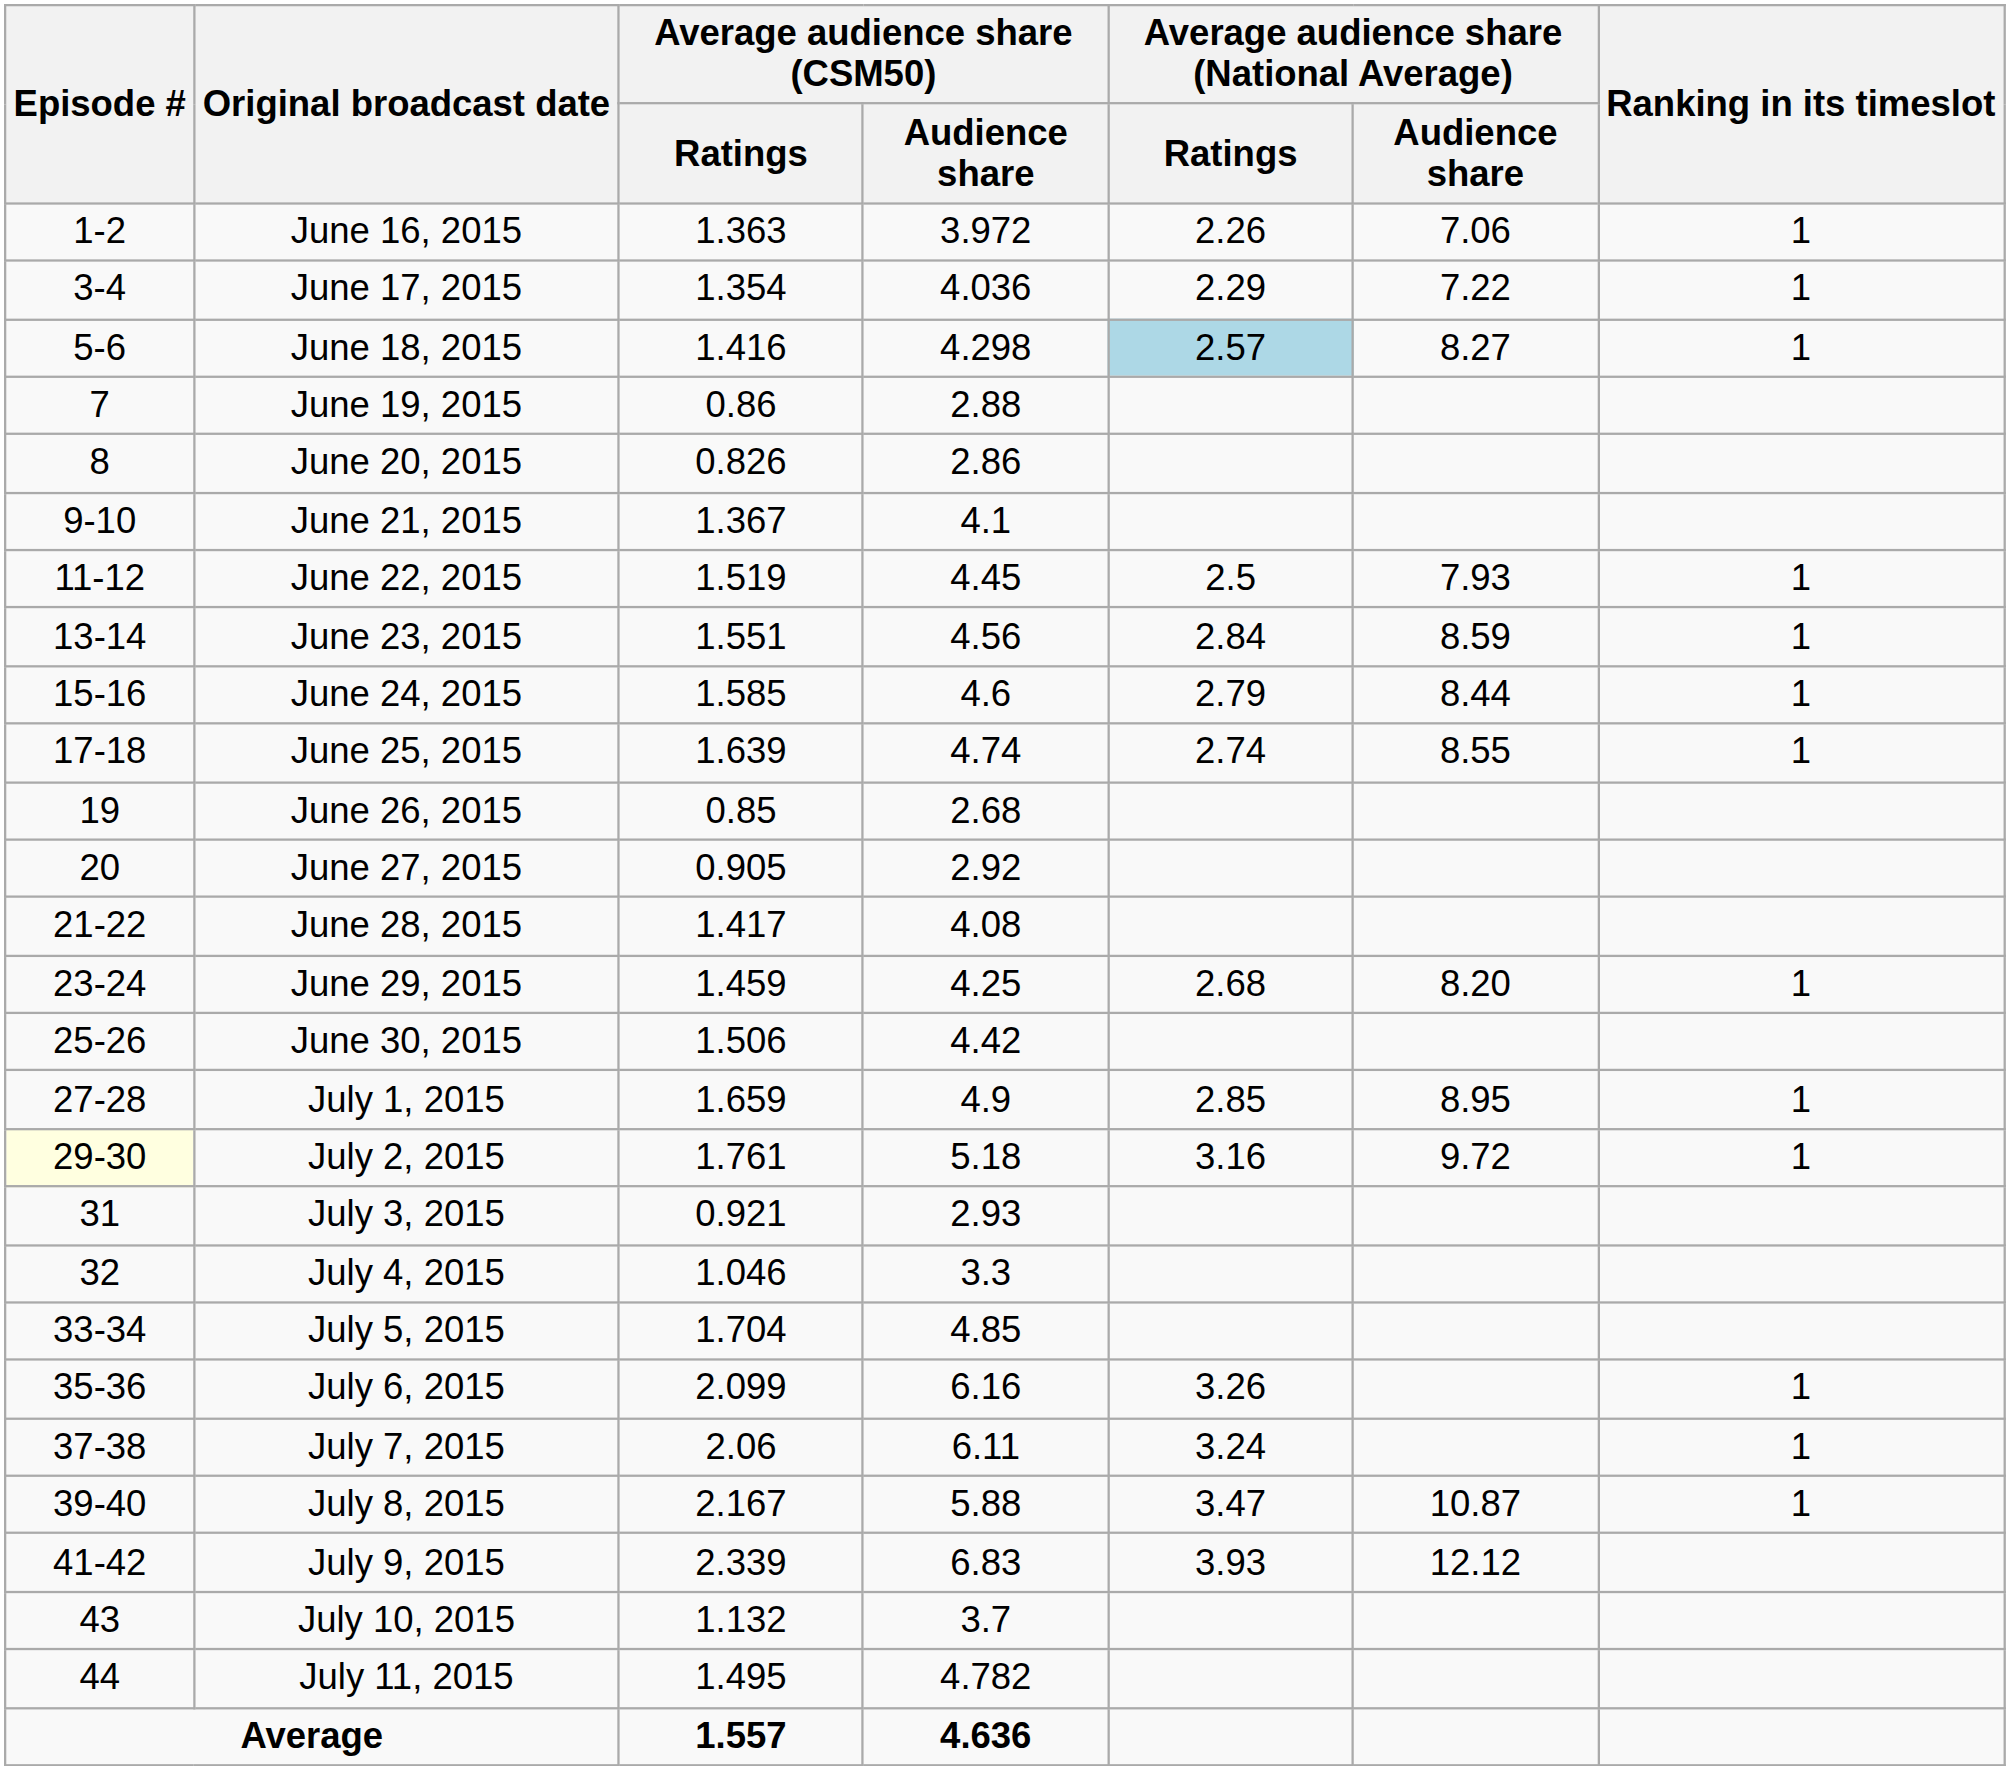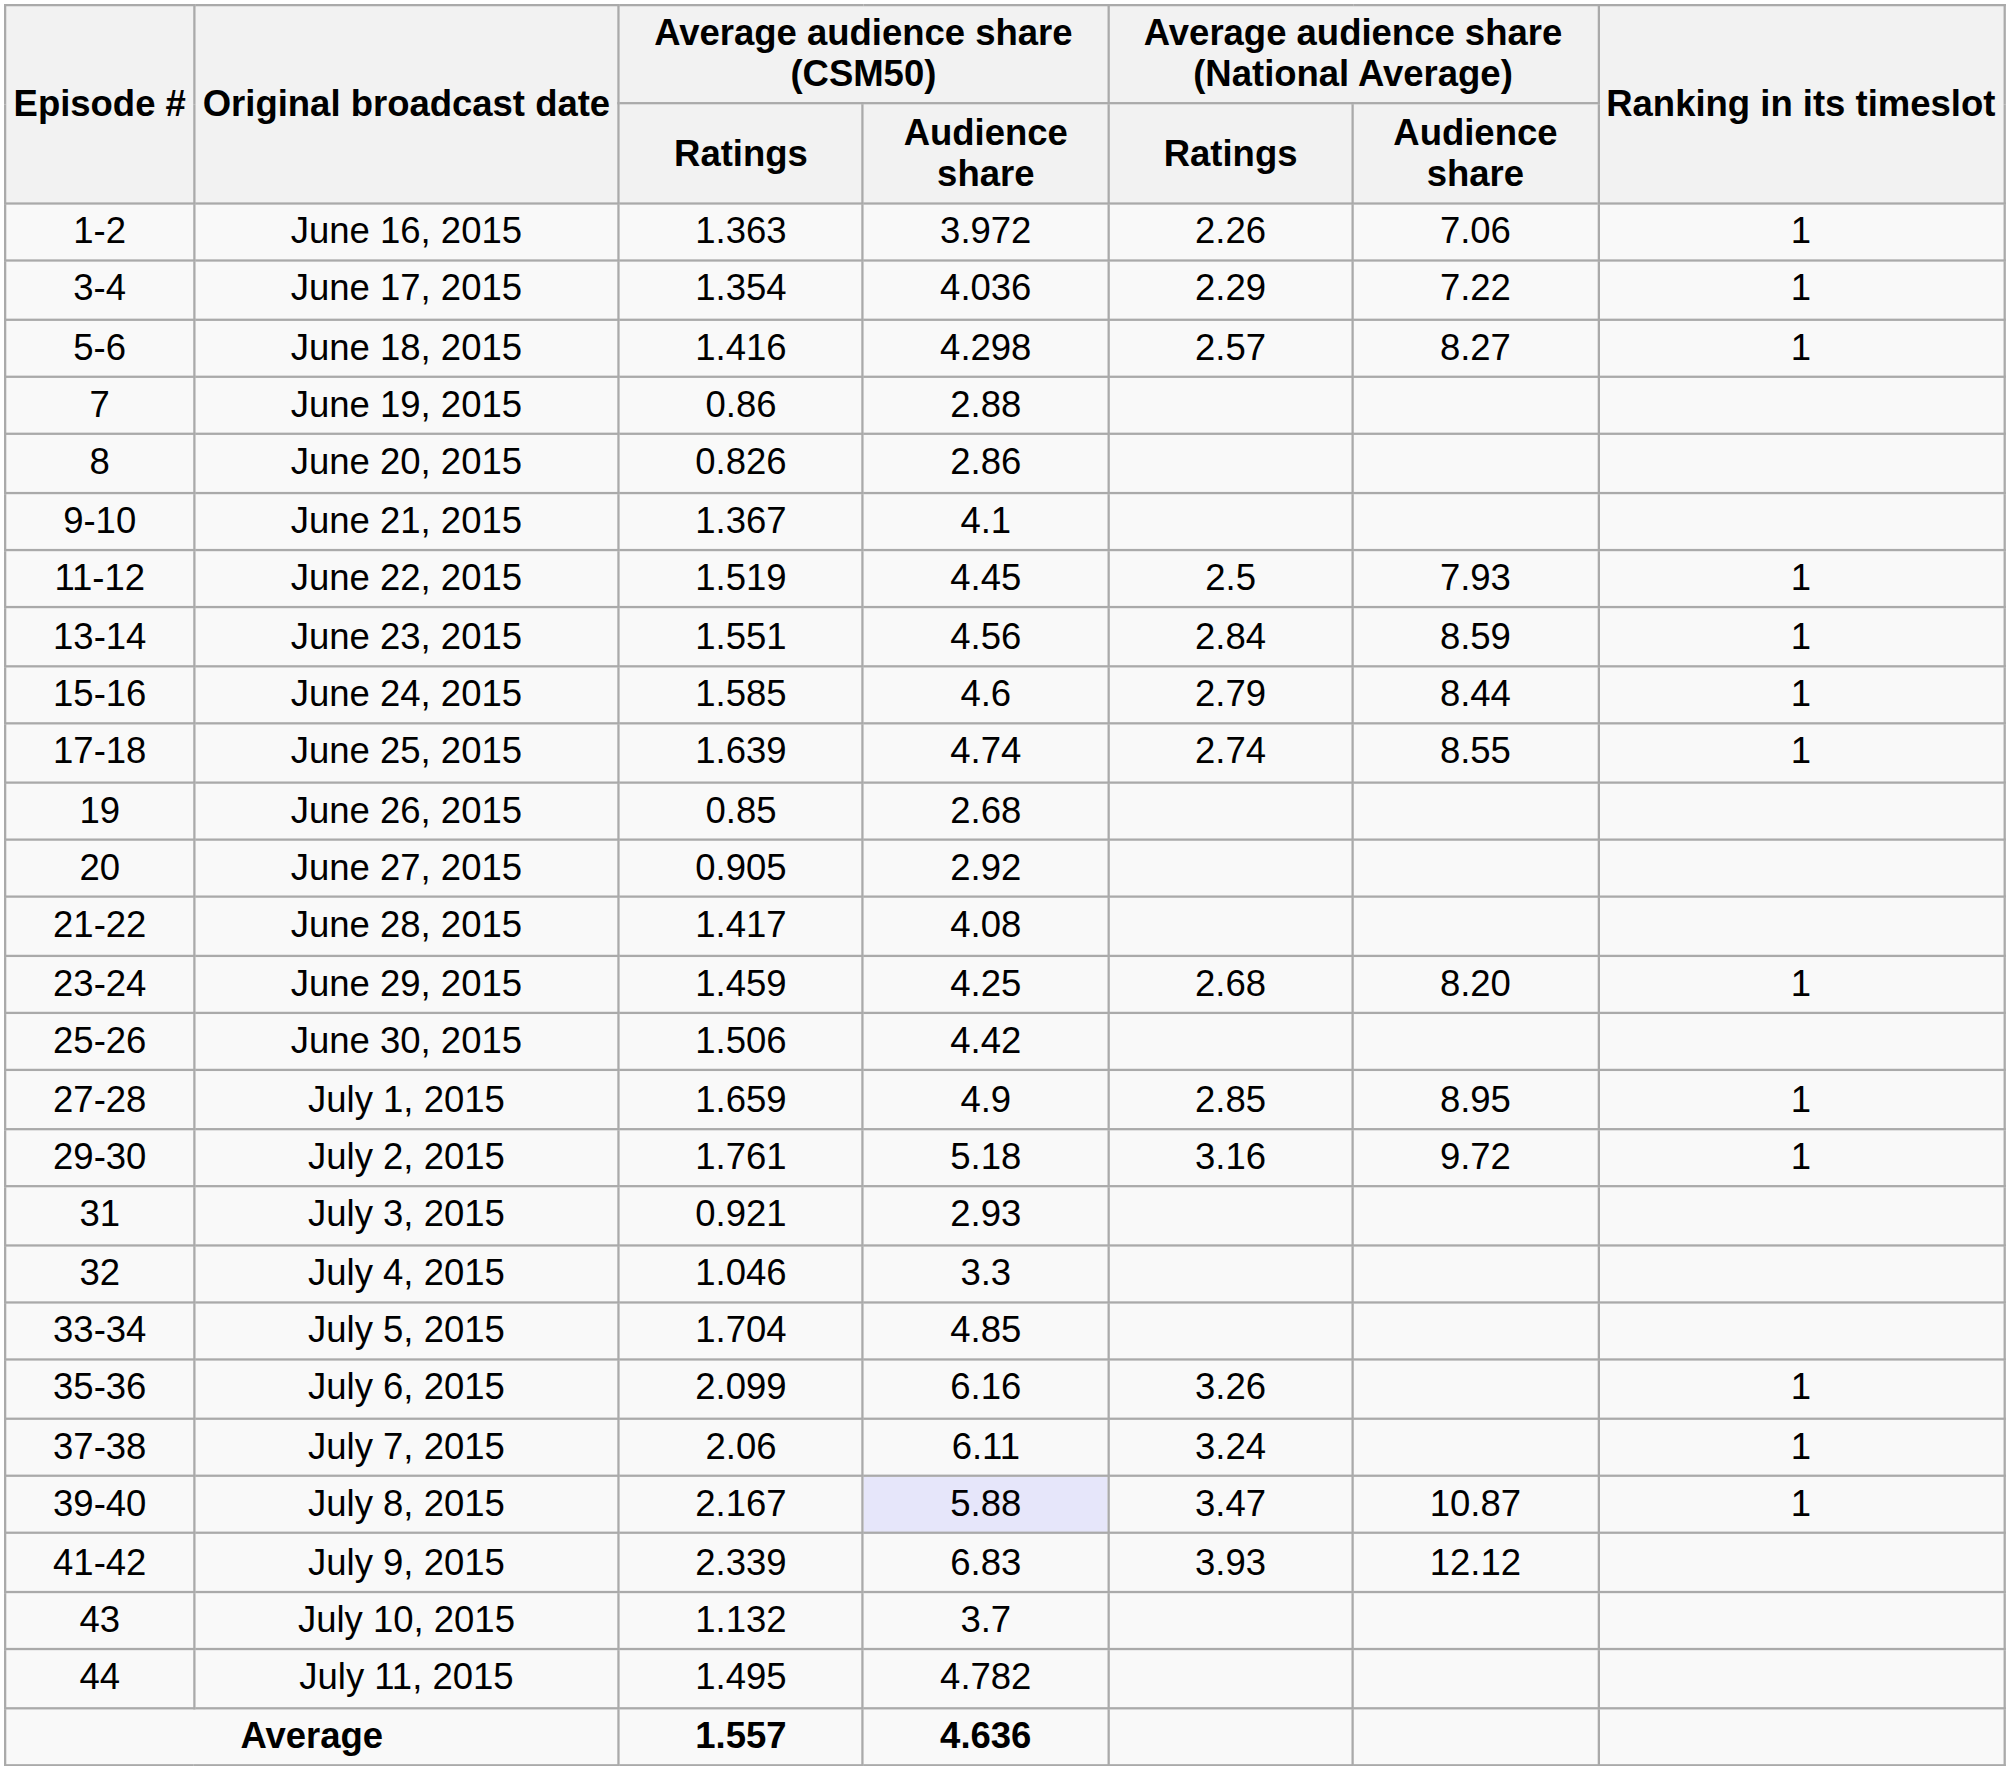 <table class=wikitable style="text-align:center">
 <tr>
 <th rowspan="2">Episode #</th>
 <th rowspan="2">Original broadcast date</th>
 <th colspan="2">Average audience share (CSM50)</th>
 <th colspan="2">Average audience share (National Average)</th>
 <th rowspan="2">Ranking in its timeslot</th>
 </tr>
 <tr>
 <th width=100>Ratings</th>
 <th width=100>Audience share</th>
 <th width=100>Ratings</th>
 <th width=100>Audience share</th>
 </tr>
 <tr>
 <td>1-2</td>
 <td>June 16, 2015</td>
 <td>1.363</td>
 <td>3.972</td>
 <td>2.26</td>
 <td>7.06</td>
 <td>1</td>
 </tr>
 <tr>
 <td>3-4</td>
 <td>June 17, 2015</td>
 <td>1.354</td>
 <td>4.036</td>
 <td>2.29</td>
 <td>7.22</td>
 <td>1</td>
 </tr>
 <tr>
 <td>5-6</td>
 <td>June 18, 2015</td>
 <td>1.416</td>
 <td>4.298</td>
-<td style="background: lightblue;">2.57</td>
+<td>2.57</td>
 <td>8.27</td>
 <td>1</td>
 </tr>
 <tr>
 <td>7</td>
 <td>June 19, 2015</td>
 <td>0.86</td>
 <td>2.88</td>
 <td></td>
 <td></td>
 <td></td>
 </tr>
 <tr>
 <td>8</td>
 <td>June 20, 2015</td>
 <td>0.826</td>
 <td>2.86</td>
 <td></td>
 <td></td>
 <td></td>
 </tr>
 <tr>
 <td>9-10</td>
 <td>June 21, 2015</td>
 <td>1.367</td>
 <td>4.1</td>
 <td></td>
 <td></td>
 <td></td>
 </tr>
 <tr>
 <td>11-12</td>
 <td>June 22, 2015</td>
 <td>1.519</td>
 <td>4.45</td>
 <td>2.5</td>
 <td>7.93</td>
 <td>1</td>
 </tr>
 <tr>
 <td>13-14</td>
 <td>June 23, 2015</td>
 <td>1.551</td>
 <td>4.56</td>
 <td>2.84</td>
 <td>8.59</td>
 <td>1</td>
 </tr>
 <tr>
 <td>15-16</td>
 <td>June 24, 2015</td>
 <td>1.585</td>
 <td>4.6</td>
 <td>2.79</td>
 <td>8.44</td>
 <td>1</td>
 </tr>
 <tr>
 <td>17-18</td>
 <td>June 25, 2015</td>
 <td>1.639</td>
 <td>4.74</td>
 <td>2.74</td>
 <td>8.55</td>
 <td>1</td>
 </tr>
 <tr>
 <td>19</td>
 <td>June 26, 2015</td>
 <td>0.85</td>
 <td>2.68</td>
 <td></td>
 <td></td>
 <td></td>
 </tr>
 <tr>
 <td>20</td>
 <td>June 27, 2015</td>
 <td>0.905</td>
 <td>2.92</td>
 <td></td>
 <td></td>
 <td></td>
 </tr>
 <tr>
 <td>21-22</td>
 <td>June 28, 2015</td>
 <td>1.417</td>
 <td>4.08</td>
 <td></td>
 <td></td>
 <td></td>
 </tr>
 <tr>
 <td>23-24</td>
 <td>June 29, 2015</td>
 <td>1.459</td>
 <td>4.25</td>
 <td>2.68</td>
 <td>8.20</td>
 <td>1</td>
 </tr>
 <tr>
 <td>25-26</td>
 <td>June 30, 2015</td>
 <td>1.506</td>
 <td>4.42</td>
 <td></td>
 <td></td>
 <td></td>
 </tr>
 <tr>
 <td>27-28</td>
 <td>July 1, 2015</td>
 <td>1.659</td>
 <td>4.9</td>
 <td>2.85</td>
 <td>8.95</td>
 <td>1</td>
 </tr>
 <tr>
-<td style="background: lightyellow;">29-30</td>
+<td>29-30</td>
 <td>July 2, 2015</td>
 <td>1.761</td>
 <td>5.18</td>
 <td>3.16</td>
 <td>9.72</td>
 <td>1</td>
 </tr>
 <tr>
 <td>31</td>
 <td>July 3, 2015</td>
 <td>0.921</td>
 <td>2.93</td>
 <td></td>
 <td></td>
 <td></td>
 </tr>
 <tr>
 <td>32</td>
 <td>July 4, 2015</td>
 <td>1.046</td>
 <td>3.3</td>
 <td></td>
 <td></td>
 <td></td>
 </tr>
 <tr>
 <td>33-34</td>
 <td>July 5, 2015</td>
 <td>1.704</td>
 <td>4.85</td>
 <td></td>
 <td></td>
 <td></td>
 </tr>
 <tr>
 <td>35-36</td>
 <td>July 6, 2015</td>
 <td>2.099</td>
 <td>6.16</td>
 <td>3.26</td>
 <td></td>
 <td>1</td>
 </tr>
 <tr>
 <td>37-38</td>
 <td>July 7, 2015</td>
 <td>2.06</td>
 <td>6.11</td>
 <td>3.24</td>
 <td></td>
 <td>1</td>
 </tr>
 <tr>
 <td>39-40</td>
 <td>July 8, 2015</td>
 <td>2.167</td>
-<td>5.88</td>
+<td style="background: lavender;">5.88</td>
 <td>3.47</td>
 <td>10.87</td>
 <td>1</td>
 </tr>
 <tr>
 <td>41-42</td>
 <td>July 9, 2015</td>
 <td>2.339</td>
 <td>6.83</td>
 <td>3.93</td>
 <td>12.12</td>
 <td 1></td>
 </tr>
 <tr>
 <td>43</td>
 <td>July 10, 2015</td>
 <td>1.132</td>
 <td>3.7</td>
 <td></td>
 <td></td>
 <td></td>
 </tr>
 <tr>
 <td>44</td>
 <td>July 11, 2015</td>
 <td>1.495</td>
 <td>4.782</td>
 <td></td>
 <td></td>
 <td></td>
 </tr>
 <tr>
 <td colspan=2><strong>Average</strong></td>
 <td><strong> 1.557</strong></td>
 <td><strong>	4.636</strong></td>
 <td></td>
 <td></td>
 <td></td>
 </tr>
 </table>
